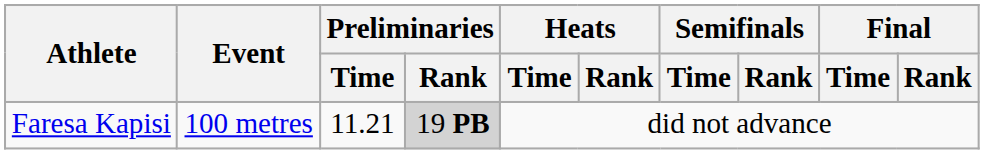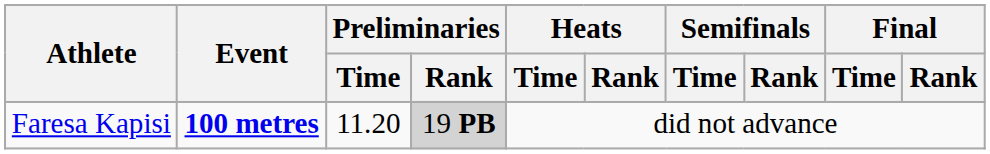 <table class=wikitable style="font-size:90%;">
 <tr>
 <th rowspan=2>Athlete</th>
 <th rowspan=2>Event</th>
 <th colspan=2>Preliminaries</th>
 <th colspan=2>Heats</th>
 <th colspan=2>Semifinals</th>
 <th colspan=2>Final</th>
 </tr>
 <tr>
 <th>Time</th>
 <th>Rank</th>
 <th>Time</th>
 <th>Rank</th>
 <th>Time</th>
 <th>Rank</th>
 <th>Time</th>
 <th>Rank</th>
 </tr>
 <tr>
 <td><a href='#'>Faresa Kapisi</a></td>
-<td><a href='#'>100 metres</a></td>
-<td align="center">11.21</td>
+<td><strong><a href='#'>100 metres</a></strong></td>
+<td align="center">11.20</td>
 <td align="center" style="background: lightgrey;">19 <strong>PB</strong></td>
 <td align="center" colspan=6>did not advance</td>
 </tr>
 </table>
